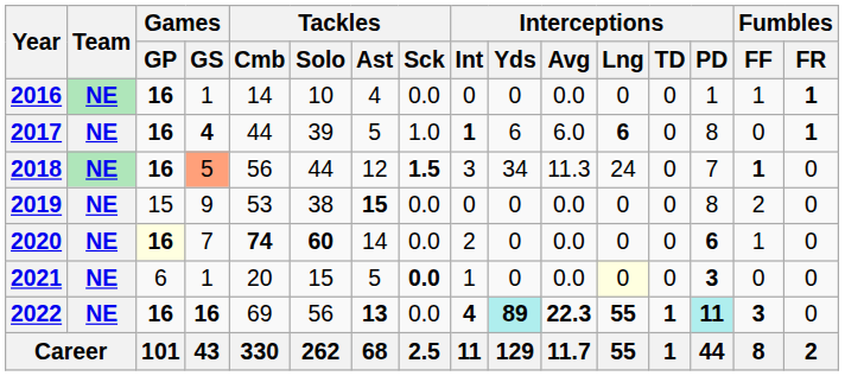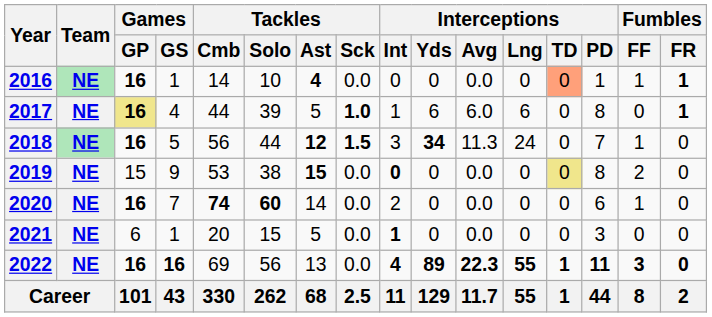 <table class="wikitable" style="text-align:center;">
 <tr>
 <th rowspan="2">Year</th>
 <th rowspan="2">Team</th>
 <th colspan="2">Games</th>
 <th colspan="4">Tackles</th>
 <th colspan="6">Interceptions</th>
 <th colspan="2">Fumbles</th>
 </tr>
 <tr>
 <th>GP</th>
 <th>GS</th>
 <th>Cmb</th>
 <th>Solo</th>
 <th>Ast</th>
 <th>Sck</th>
 <th>Int</th>
 <th>Yds</th>
 <th>Avg</th>
 <th>Lng</th>
 <th>TD</th>
 <th>PD</th>
 <th>FF</th>
 <th>FR</th>
 </tr>
 <tr>
 <th><a href='#'>2016</a></th>
 <th style="background:#afe6ba;"><a href='#'>NE</a></th>
 <td><strong>16</strong></td>
 <td>1</td>
 <td>14</td>
 <td>10</td>
-<td>4</td>
+<td><strong>4</strong></td>
 <td>0.0</td>
 <td>0</td>
 <td>0</td>
 <td>0.0</td>
 <td>0</td>
-<td>0</td>
+<td style="background: lightsalmon;">0</td>
 <td>1</td>
 <td>1</td>
 <td><strong>1</strong></td>
 </tr>
 <tr>
 <th><a href='#'>2017</a></th>
 <th><a href='#'>NE</a></th>
-<td><strong>16</strong></td>
-<td><strong>4</strong></td>
+<td style="background: khaki;"><strong>16</strong></td>
+<td>4</td>
 <td>44</td>
 <td>39</td>
 <td>5</td>
-<td>1.0</td>
-<td><strong>1</strong></td>
+<td><strong>1.0</strong></td>
+<td>1</td>
 <td>6</td>
 <td>6.0</td>
-<td><strong>6</strong></td>
+<td>6</td>
 <td>0</td>
 <td>8</td>
 <td>0</td>
 <td><strong>1</strong></td>
 </tr>
 <tr>
 <th><a href='#'>2018</a></th>
 <th style="background:#afe6ba;"><a href='#'>NE</a></th>
 <td><strong>16</strong></td>
-<td style="background: lightsalmon;">5</td>
+<td>5</td>
 <td>56</td>
 <td>44</td>
-<td>12</td>
+<td><strong>12</strong></td>
 <td><strong>1.5</strong></td>
 <td>3</td>
-<td>34</td>
+<td><strong>34</strong></td>
 <td>11.3</td>
 <td>24</td>
 <td>0</td>
 <td>7</td>
-<td><strong>1</strong></td>
+<td>1</td>
 <td>0</td>
 </tr>
 <tr>
 <th><a href='#'>2019</a></th>
 <th><a href='#'>NE</a></th>
 <td>15</td>
 <td>9</td>
 <td>53</td>
 <td>38</td>
 <td><strong>15</strong></td>
 <td>0.0</td>
-<td>0</td>
+<td><strong>0</strong></td>
 <td>0</td>
 <td>0.0</td>
 <td>0</td>
-<td>0</td>
+<td style="background: khaki;">0</td>
 <td>8</td>
 <td>2</td>
 <td>0</td>
 </tr>
 <tr>
 <th><a href='#'>2020</a></th>
 <th><a href='#'>NE</a></th>
-<td style="background: lightyellow;"><strong>16</strong></td>
+<td><strong>16</strong></td>
 <td>7</td>
 <td><strong>74</strong></td>
 <td><strong>60</strong></td>
 <td>14</td>
 <td>0.0</td>
 <td>2</td>
 <td>0</td>
 <td>0.0</td>
 <td>0</td>
 <td>0</td>
-<td><strong>6</strong></td>
+<td>6</td>
 <td>1</td>
 <td>0</td>
 </tr>
 <tr>
 <th><a href='#'>2021</a></th>
 <th><a href='#'>NE</a></th>
 <td>6</td>
 <td>1</td>
 <td>20</td>
 <td>15</td>
 <td>5</td>
-<td><strong>0.0</strong></td>
-<td>1</td>
+<td>0.0</td>
+<td><strong>1</strong></td>
 <td>0</td>
 <td>0.0</td>
-<td style="background: lightyellow;">0</td>
 <td>0</td>
-<td><strong>3</strong></td>
+<td>0</td>
+<td>3</td>
 <td>0</td>
 <td>0</td>
 </tr>
 <tr>
 <th><a href='#'>2022</a></th>
 <th><a href='#'>NE</a></th>
 <td><strong>16</strong></td>
 <td><strong>16</strong></td>
 <td>69</td>
 <td>56</td>
-<td><strong>13</strong></td>
+<td>13</td>
 <td>0.0</td>
 <td><strong>4</strong></td>
-<td style="background: paleturquoise;"><strong>89</strong></td>
+<td><strong>89</strong></td>
 <td><strong>22.3</strong></td>
 <td><strong>55</strong></td>
 <td><strong>1</strong></td>
-<td style="background: paleturquoise;"><strong>11</strong></td>
+<td><strong>11</strong></td>
 <td><strong>3</strong></td>
-<td>0</td>
+<td><strong>0</strong></td>
 </tr>
 <tr>
 <th colspan="2">Career</th>
 <th>101</th>
 <th>43</th>
 <th>330</th>
 <th>262</th>
 <th>68</th>
 <th>2.5</th>
 <th>11</th>
 <th>129</th>
 <th>11.7</th>
 <th>55</th>
 <th>1</th>
 <th>44</th>
 <th>8</th>
 <th>2</th>
 </tr>
 </table>
